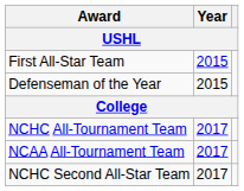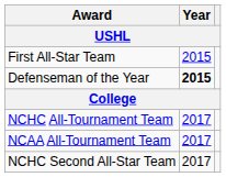 <table class="wikitable">
 <tr>
 <th>Award</th>
 <th>Year</th>
 <th></th>
 </tr>
 <tr>
 <th colspan="3"><a href='#'>USHL</a></th>
 </tr>
 <tr>
 <td>First All-Star Team</td>
 <td><a href='#'>2015</a></td>
 <td rowspan="2"></td>
 </tr>
 <tr>
 <td>Defenseman of the Year</td>
-<td>2015</td>
+<td><strong>2015</strong></td>
 </tr>
 <tr>
 <th colspan="3"><a href='#'>College</a></th>
 </tr>
 <tr>
 <td><a href='#'>NCHC</a> <a href='#'>All-Tournament Team</a></td>
 <td><a href='#'>2017</a></td>
 <td></td>
 </tr>
 <tr>
 <td><a href='#'>NCAA</a> <a href='#'>All-Tournament Team</a></td>
 <td><a href='#'>2017</a></td>
 <td></td>
 </tr>
 <tr>
 <td>NCHC Second All-Star Team</td>
 <td>2017</td>
 <td></td>
 </tr>
 </table>
